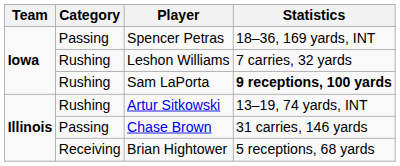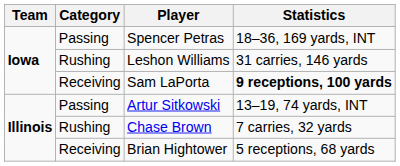 <table class="wikitable" style="float: left;">
 <tr>
 <th>Team</th>
 <th>Category</th>
 <th>Player</th>
 <th>Statistics</th>
 </tr>
 <tr>
 <td rowspan=3><strong>Iowa</strong></td>
 <td>Passing</td>
 <td>Spencer Petras</td>
 <td>18–36, 169 yards, INT</td>
 </tr>
 <tr>
 <td>Rushing</td>
 <td>Leshon Williams</td>
-<td>7 carries, 32 yards</td>
+<td>31 carries, 146 yards</td>
 </tr>
 <tr>
-<td>Rushing</td>
+<td>Receiving</td>
 <td>Sam LaPorta</td>
 <td><strong>9 receptions, 100 yards</strong></td>
 </tr>
 <tr>
 <td rowspan=3><strong>Illinois</strong></td>
-<td>Rushing</td>
+<td>Passing</td>
 <td><a href='#'>Artur Sitkowski</a></td>
 <td>13–19, 74 yards, INT</td>
 </tr>
 <tr>
-<td>Passing</td>
+<td>Rushing</td>
 <td><a href='#'>Chase Brown</a></td>
-<td>31 carries, 146 yards</td>
+<td>7 carries, 32 yards</td>
 </tr>
 <tr>
 <td>Receiving</td>
 <td>Brian Hightower</td>
 <td>5 receptions, 68 yards</td>
 </tr>
 </table>
